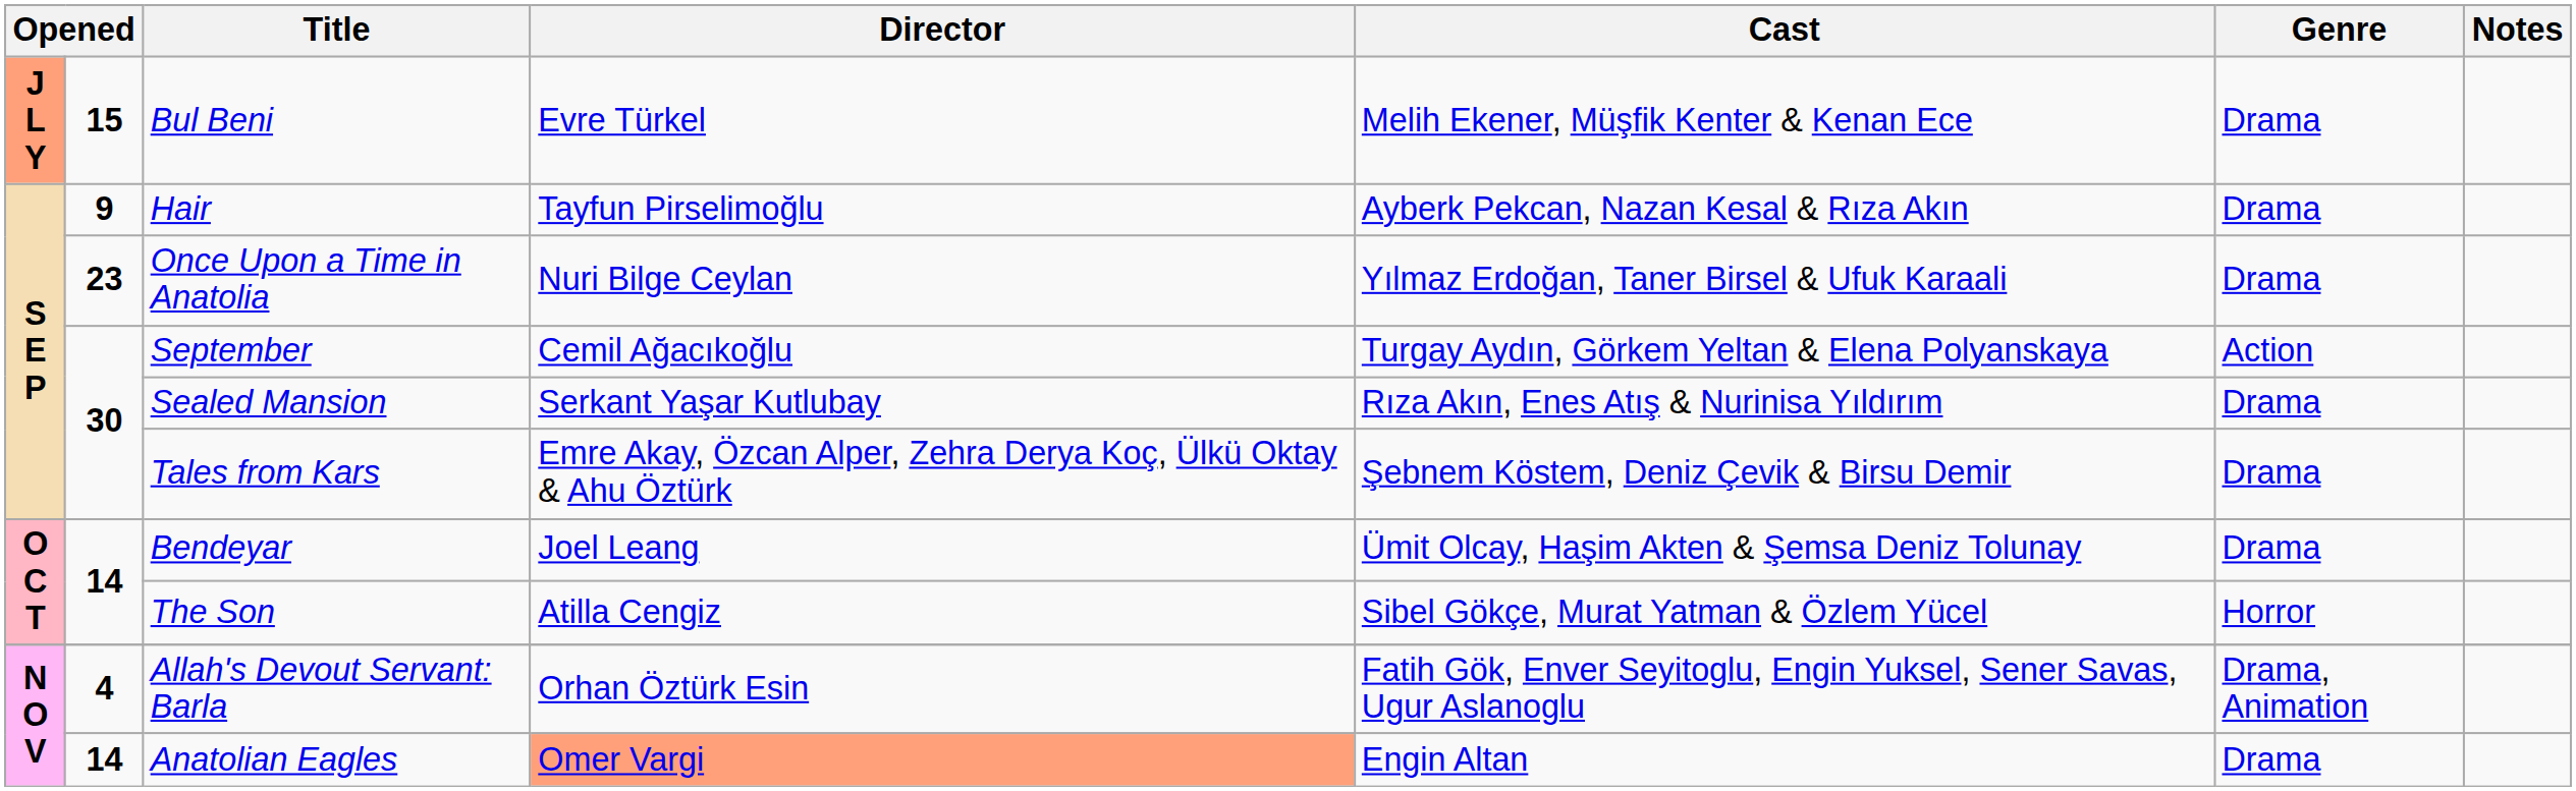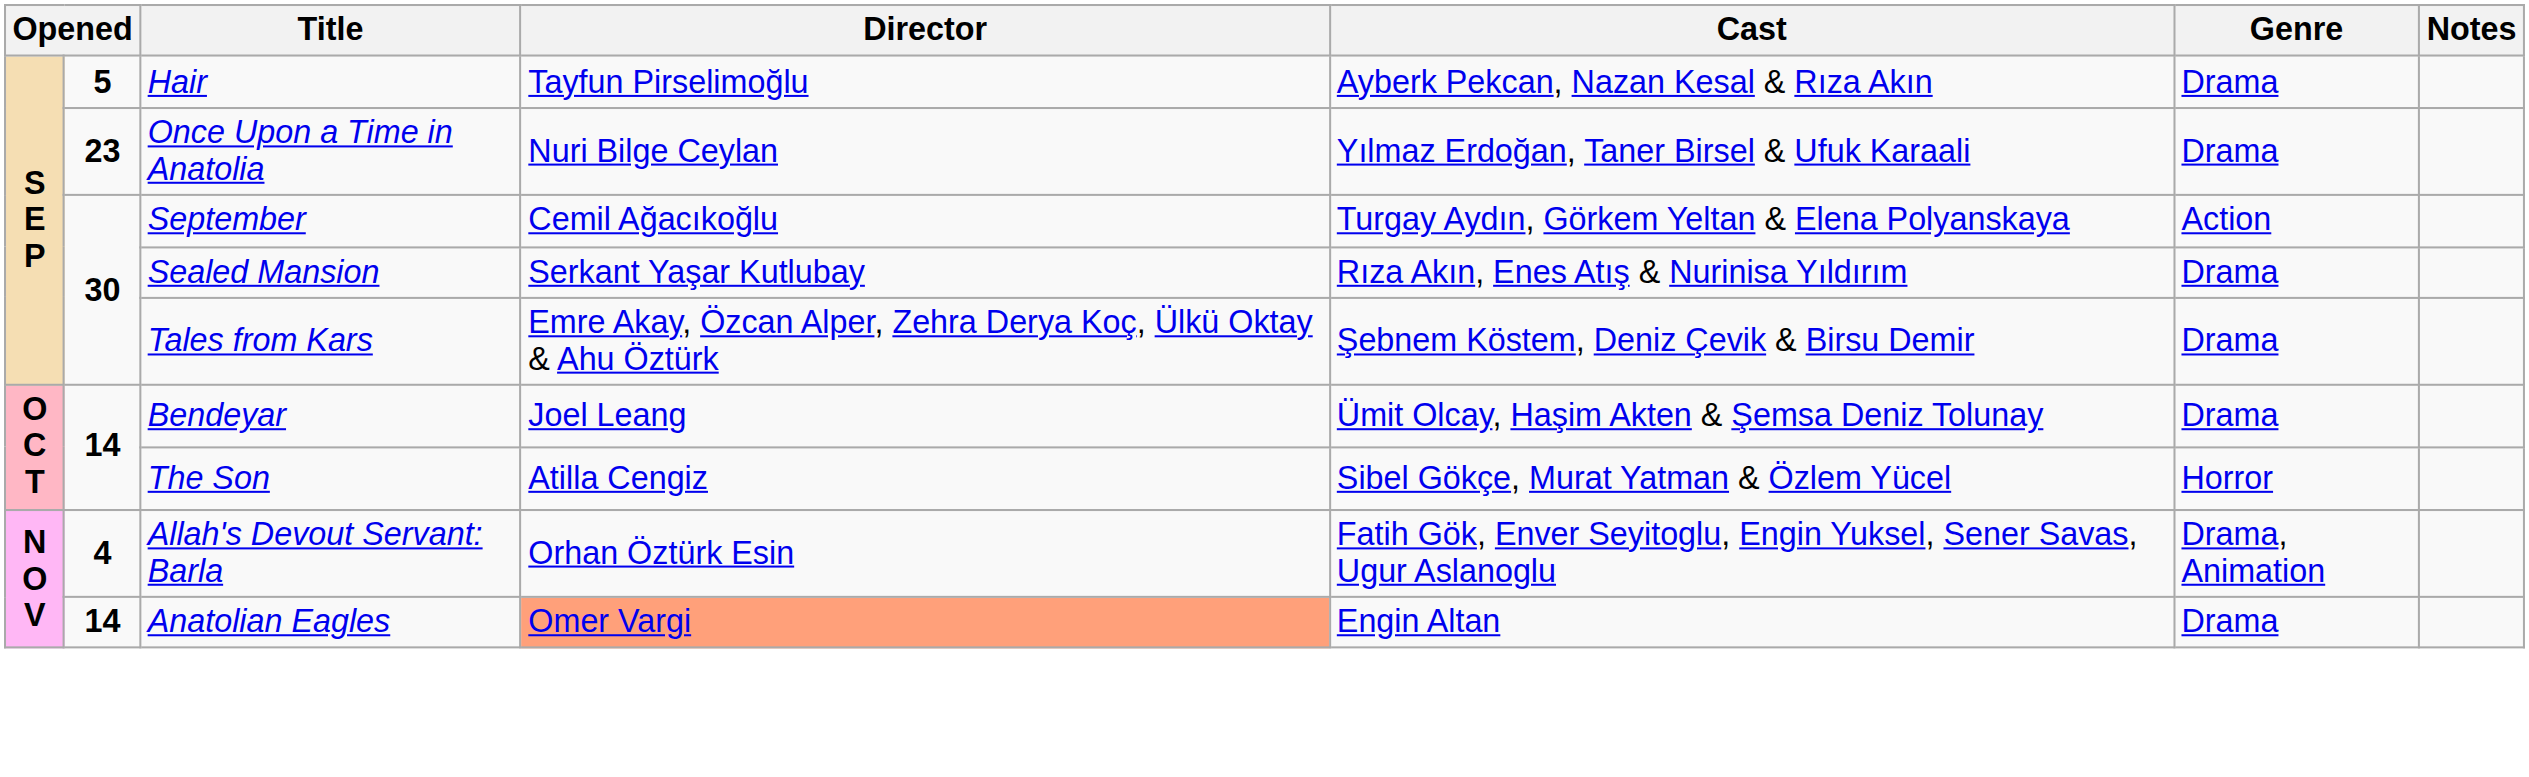 <table class="wikitable sortable">
 <tr>
 <th colspan="2"><strong>Opened</strong></th>
 <th><strong>Title</strong></th>
 <th><strong>Director</strong></th>
 <th><strong>Cast</strong></th>
 <th><strong>Genre</strong></th>
 <th><strong>Notes</strong></th>
 </tr>
-<tr July!>
-<td rowspan="1" valign="center" align="center" style="background:#FFA07A; textcolor:#000;"><strong>J<br>L<br>Y</strong></td>
-<td rowspan="1" align="center"><strong>15</strong></td>
-<td><em><a href='#'>Bul Beni</a></em></td>
-<td><a href='#'>Evre Türkel</a></td>
-<td><a href='#'>Melih Ekener</a>, <a href='#'>Müşfik Kenter</a> & <a href='#'>Kenan Ece</a></td>
-<td><a href='#'>Drama</a></td>
-<td></td>
-</tr>
 <tr September!>
 <td rowspan="5" valign="center" align="center" style="background:#F5DEB3; textcolor:#000;"><strong>S<br>E<br>P</strong></td>
-<td rowspan="1" align="center"><strong>9</strong></td>
+<td rowspan="1" align="center"><strong>5</strong></td>
 <td><em><a href='#'>Hair</a></em></td>
 <td><a href='#'>Tayfun Pirselimoğlu</a></td>
 <td><a href='#'>Ayberk Pekcan</a>, <a href='#'>Nazan Kesal</a> & <a href='#'>Rıza Akın</a></td>
 <td><a href='#'>Drama</a></td>
 <td></td>
 </tr>
 <tr>
 <td rowspan="1" align="center"><strong>23</strong></td>
 <td><em><a href='#'>Once Upon a Time in Anatolia</a></em></td>
 <td><a href='#'>Nuri Bilge Ceylan</a></td>
 <td><a href='#'>Yılmaz Erdoğan</a>, <a href='#'>Taner Birsel</a> & <a href='#'>Ufuk Karaali</a></td>
 <td><a href='#'>Drama</a></td>
 <td></td>
 </tr>
 <tr>
 <td rowspan="3" align="center"><strong>30</strong></td>
 <td><em><a href='#'>September</a></em></td>
 <td><a href='#'>Cemil Ağacıkoğlu</a></td>
 <td><a href='#'>Turgay Aydın</a>, <a href='#'>Görkem Yeltan</a> & <a href='#'>Elena Polyanskaya</a></td>
 <td><a href='#'>Action</a></td>
 <td></td>
 </tr>
 <tr>
 <td><em><a href='#'>Sealed Mansion</a></em></td>
 <td><a href='#'>Serkant Yaşar Kutlubay</a></td>
 <td><a href='#'>Rıza Akın</a>, <a href='#'>Enes Atış</a> & <a href='#'>Nurinisa Yıldırım</a></td>
 <td><a href='#'>Drama</a></td>
 <td></td>
 </tr>
 <tr>
 <td><em><a href='#'>Tales from Kars</a></em></td>
 <td><a href='#'>Emre Akay</a>, <a href='#'>Özcan Alper</a>, <a href='#'>Zehra Derya Koç</a>, <a href='#'>Ülkü Oktay</a> & <a href='#'>Ahu Öztürk</a></td>
 <td><a href='#'>Şebnem Köstem</a>, <a href='#'>Deniz Çevik</a> & <a href='#'>Birsu Demir</a></td>
 <td><a href='#'>Drama</a></td>
 <td></td>
 </tr>
 <tr October!>
 <td rowspan="2" valign="center" align="center" style="background:#FFB7C5; textcolor:#000;"><strong>O<br>C<br>T</strong></td>
 <td rowspan="2" align="center"><strong>14</strong></td>
 <td><em><a href='#'>Bendeyar</a></em></td>
 <td><a href='#'>Joel Leang</a></td>
 <td><a href='#'>Ümit Olcay</a>, <a href='#'>Haşim Akten</a> & <a href='#'>Şemsa Deniz Tolunay</a></td>
 <td><a href='#'>Drama</a></td>
 <td></td>
 </tr>
 <tr>
 <td><em><a href='#'>The Son</a></em></td>
 <td><a href='#'>Atilla Cengiz</a></td>
 <td><a href='#'>Sibel Gökçe</a>, <a href='#'>Murat Yatman</a> & <a href='#'>Özlem Yücel</a></td>
 <td><a href='#'>Horror</a></td>
 <td></td>
 </tr>
 <tr>
 </tr>
 <tr November!>
 <td rowspan="2" valign="center" align="center" style="background:#FFB7F5; textcolor:#000;"><strong>N<br>O<br>V</strong></td>
 <td rowspan="1" align="center"><strong>4</strong></td>
 <td><em><a href='#'>Allah's Devout Servant: Barla</a></em></td>
 <td><a href='#'>Orhan Öztürk Esin</a></td>
 <td><a href='#'>Fatih Gök</a>, <a href='#'>Enver Seyitoglu</a>, <a href='#'>Engin Yuksel</a>, <a href='#'>Sener Savas</a>, <a href='#'>Ugur Aslanoglu</a></td>
 <td><a href='#'>Drama</a>, <a href='#'>Animation</a></td>
 <td></td>
 </tr>
 <tr>
 <td rowspan="1" align="center"><strong>14</strong></td>
 <td><em><a href='#'>Anatolian Eagles</a></em></td>
 <td style="background: lightsalmon;"><a href='#'>Omer Vargi</a></td>
 <td><a href='#'>Engin Altan</a></td>
 <td><a href='#'>Drama</a></td>
 <td></td>
 </tr>
 </table>
